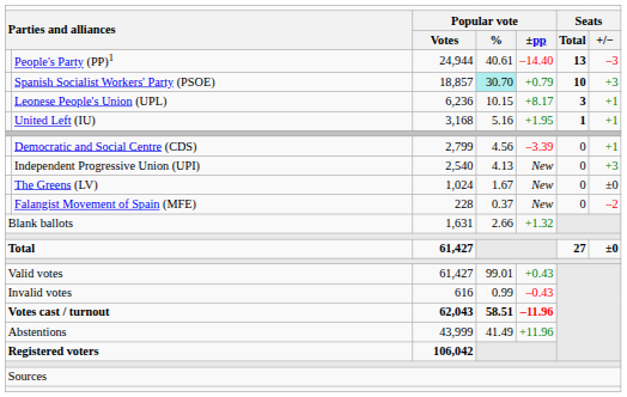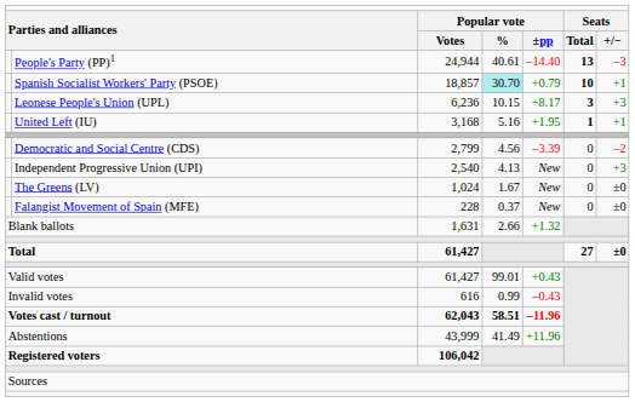 <table class="wikitable" style="text-align:right;">
 <tr>
 <td colspan="7"></td>
 </tr>
 <tr>
 <th style="text-align:left;" rowspan="2" colspan="2" width="525">Parties and alliances</th>
 <th colspan="3">Popular vote</th>
 <th colspan="2">Seats</th>
 </tr>
 <tr>
 <th width="75">Votes</th>
 <th width="45">%</th>
 <th width="45">±<a href='#'>pp</a></th>
 <th width="35">Total</th>
 <th width="35">+/−</th>
 </tr>
 <tr>
 <td width="1" style="color:inherit;background:"></td>
 <td align="left"><a href='#'>People's Party</a> (PP)<sup>1</sup></td>
 <td>24,944</td>
 <td>40.61</td>
 <td style="color:red;">–14.40</td>
 <td><strong>13</strong></td>
 <td style="color:red;">–3</td>
 </tr>
 <tr>
 <td style="color:inherit;background:"></td>
 <td align="left"><a href='#'>Spanish Socialist Workers' Party</a> (PSOE)</td>
 <td>18,857</td>
 <td style="background: paleturquoise;">30.70</td>
 <td style="color:green;">+0.79</td>
 <td><strong>10</strong></td>
-<td style="color:green;">+3</td>
+<td style="color:green;">+1</td>
 </tr>
 <tr>
 <td style="color:inherit;background:"></td>
 <td align="left"><a href='#'>Leonese People's Union</a> (UPL)</td>
 <td>6,236</td>
 <td>10.15</td>
 <td style="color:green;">+8.17</td>
 <td><strong>3</strong></td>
-<td style="color:green;">+1</td>
+<td style="color:green;">+3</td>
 </tr>
 <tr>
 <td style="color:inherit;background:"></td>
 <td align="left"><a href='#'>United Left</a> (IU)</td>
 <td>3,168</td>
 <td>5.16</td>
 <td style="color:green;">+1.95</td>
 <td><strong>1</strong></td>
 <td style="color:green;">+1</td>
 </tr>
 <tr>
 <td colspan="7" bgcolor="#C0C0C0"></td>
 </tr>
 <tr>
 <td style="color:inherit;background:"></td>
 <td align="left"><a href='#'>Democratic and Social Centre</a> (CDS)</td>
 <td>2,799</td>
 <td>4.56</td>
 <td style="color:red;">–3.39</td>
 <td>0</td>
-<td style="color:green;">+1</td>
+<td style="color:red;">–2</td>
 </tr>
 <tr>
 <td bgcolor="white"></td>
 <td align="left">Independent Progressive Union (UPI)</td>
 <td>2,540</td>
 <td>4.13</td>
 <td><em>New</em></td>
 <td>0</td>
 <td style="color:green;">+3</td>
 </tr>
 <tr>
 <td style="color:inherit;background:"></td>
 <td align="left"><a href='#'>The Greens</a> (LV)</td>
 <td>1,024</td>
 <td>1.67</td>
 <td><em>New</em></td>
 <td>0</td>
 <td>±0</td>
 </tr>
 <tr>
 <td style="color:inherit;background:"></td>
 <td align="left"><a href='#'>Falangist Movement of Spain</a> (MFE)</td>
 <td>228</td>
 <td>0.37</td>
 <td><em>New</em></td>
 <td>0</td>
-<td style="color:red;">–2</td>
+<td>±0</td>
 </tr>
 <tr>
 <td align="left" colspan="2">Blank ballots</td>
 <td>1,631</td>
 <td>2.66</td>
 <td style="color:green;">+1.32</td>
 <td bgcolor="#E9E9E9" colspan="2"></td>
 </tr>
 <tr>
 <td colspan="7" bgcolor="#E9E9E9"></td>
 </tr>
 <tr style="font-weight:bold;">
 <td align="left" colspan="2">Total</td>
 <td>61,427</td>
 <td bgcolor="#E9E9E9" colspan="2"></td>
 <td>27</td>
 <td>±0</td>
 </tr>
 <tr>
 <td colspan="7" bgcolor="#E9E9E9"></td>
 </tr>
 <tr>
 <td align="left" colspan="2">Valid votes</td>
 <td>61,427</td>
 <td>99.01</td>
 <td style="color:green;">+0.43</td>
 <td bgcolor="#E9E9E9" colspan="2" rowspan="5"></td>
 </tr>
 <tr>
 <td align="left" colspan="2">Invalid votes</td>
 <td>616</td>
 <td>0.99</td>
 <td style="color:red;">–0.43</td>
 </tr>
 <tr style="font-weight:bold;">
 <td align="left" colspan="2">Votes cast / turnout</td>
 <td>62,043</td>
 <td>58.51</td>
 <td style="color:red;">–11.96</td>
 </tr>
 <tr>
 <td align="left" colspan="2">Abstentions</td>
 <td>43,999</td>
 <td>41.49</td>
 <td style="color:green;">+11.96</td>
 </tr>
 <tr style="font-weight:bold;">
 <td align="left" colspan="2">Registered voters</td>
 <td>106,042</td>
 <td bgcolor="#E9E9E9" colspan="2"></td>
 </tr>
 <tr>
 <td colspan="7" bgcolor="#E9E9E9"></td>
 </tr>
 <tr>
 <td align="left" colspan="7">Sources</td>
 </tr>
 <tr>
 <td colspan="7" style="text-align:left; max-width:790px;"></td>
 </tr>
 </table>
